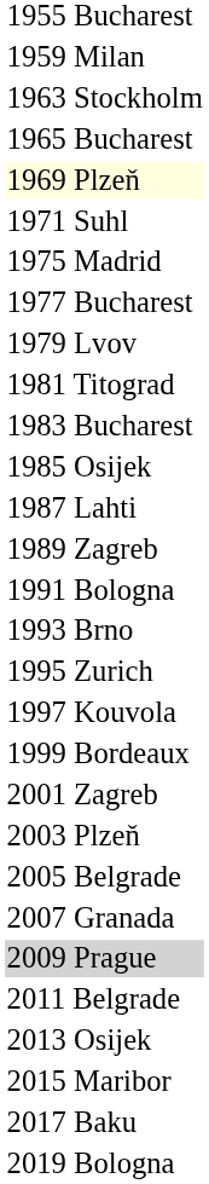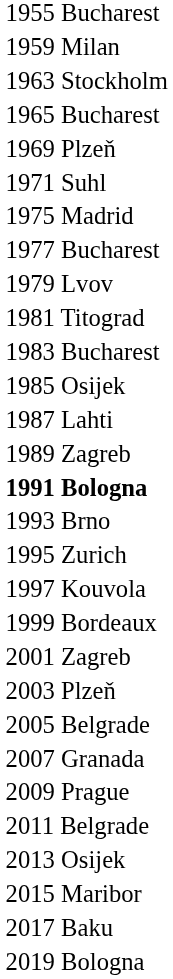 <table>
 <tr>
 <td>1955 Bucharest</td>
 <td></td>
 <td></td>
 <td></td>
 </tr>
 <tr>
 <td>1959 Milan</td>
 <td></td>
 <td></td>
 <td></td>
 </tr>
 <tr>
 <td>1963 Stockholm</td>
 <td></td>
 <td></td>
 <td></td>
 </tr>
 <tr>
 <td>1965 Bucharest</td>
 <td></td>
 <td></td>
 <td></td>
 </tr>
 <tr>
-<td style="background: lightyellow;">1969 Plzeň</td>
+<td>1969 Plzeň</td>
 <td></td>
 <td></td>
 <td></td>
 </tr>
 <tr>
 <td>1971 Suhl</td>
 <td></td>
 <td></td>
 <td></td>
 </tr>
 <tr>
 <td>1975 Madrid</td>
 <td></td>
 <td></td>
 <td></td>
 </tr>
 <tr>
 <td>1977 Bucharest</td>
 <td></td>
 <td></td>
 <td></td>
 </tr>
 <tr>
 <td>1979 Lvov</td>
 <td></td>
 <td></td>
 <td></td>
 </tr>
 <tr>
 <td>1981 Titograd</td>
 <td></td>
 <td></td>
 <td></td>
 </tr>
 <tr>
 <td>1983 Bucharest</td>
 <td></td>
 <td></td>
 <td></td>
 </tr>
 <tr>
 <td>1985 Osijek</td>
 <td></td>
 <td></td>
 <td></td>
 </tr>
 <tr>
 <td>1987 Lahti</td>
 <td></td>
 <td></td>
 <td></td>
 </tr>
 <tr>
 <td>1989 Zagreb</td>
 <td></td>
 <td></td>
 <td></td>
 </tr>
 <tr>
-<td>1991 Bologna</td>
+<td><strong>1991 Bologna</strong></td>
 <td></td>
 <td></td>
 <td></td>
 </tr>
 <tr>
 <td>1993 Brno</td>
 <td></td>
 <td></td>
 <td></td>
 </tr>
 <tr>
 <td>1995 Zurich</td>
 <td></td>
 <td></td>
 <td></td>
 </tr>
 <tr>
 <td>1997 Kouvola</td>
 <td></td>
 <td></td>
 <td></td>
 </tr>
 <tr>
 <td>1999 Bordeaux</td>
 <td></td>
 <td></td>
 <td></td>
 </tr>
 <tr>
 <td>2001 Zagreb</td>
 <td></td>
 <td></td>
 <td></td>
 </tr>
 <tr>
 <td>2003 Plzeň</td>
 <td></td>
 <td></td>
 <td></td>
 </tr>
 <tr>
 <td>2005 Belgrade</td>
 <td></td>
 <td></td>
 <td></td>
 </tr>
 <tr>
 <td>2007 Granada</td>
 <td></td>
 <td></td>
 <td></td>
 </tr>
 <tr>
-<td style="background: lightgrey;">2009 Prague</td>
+<td>2009 Prague</td>
 <td></td>
 <td></td>
 <td></td>
 </tr>
 <tr>
 <td>2011 Belgrade</td>
 <td></td>
 <td></td>
 <td></td>
 </tr>
 <tr>
 <td>2013 Osijek</td>
 <td></td>
 <td></td>
 <td></td>
 </tr>
 <tr>
 <td>2015 Maribor</td>
 <td></td>
 <td></td>
 <td></td>
 </tr>
 <tr>
 <td>2017 Baku</td>
 <td></td>
 <td></td>
 <td></td>
 </tr>
 <tr>
 <td>2019 Bologna</td>
 <td></td>
 <td></td>
 <td></td>
 </tr>
 </table>
